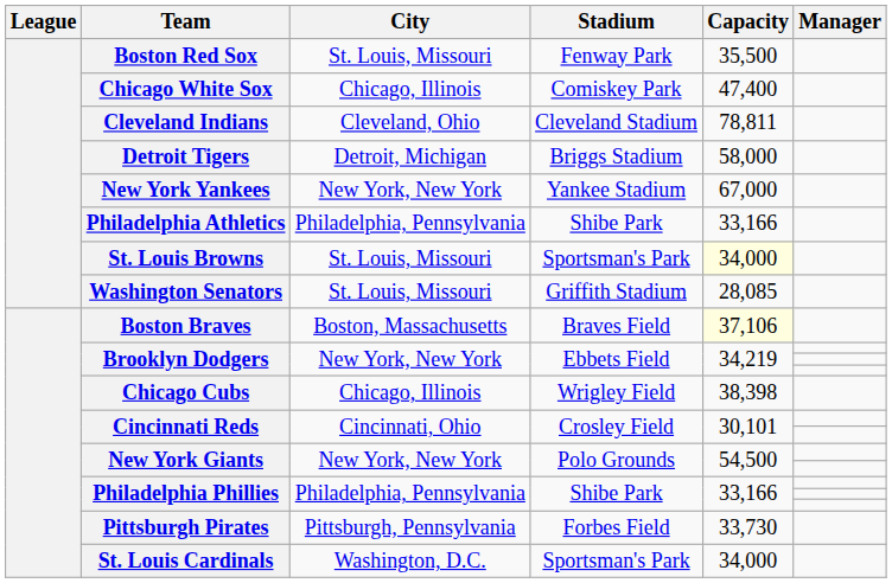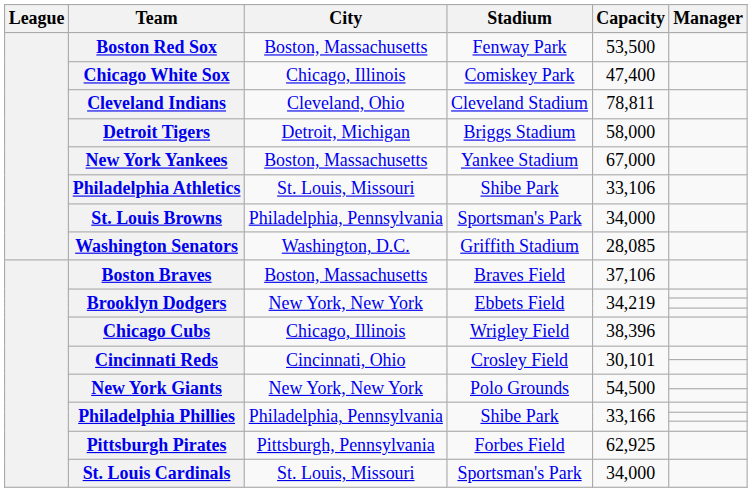 <table class="wikitable sortable plainrowheaders" style="text-align:center;">
 <tr>
 <th scope="col">League</th>
 <th scope="col">Team</th>
 <th scope="col">City</th>
 <th scope="col">Stadium</th>
 <th scope="col">Capacity</th>
 <th scope="col">Manager</th>
 </tr>
 <tr>
 <th rowspan="8"></th>
 <th scope="row"><a href='#'>Boston Red Sox</a></th>
-<td><a href='#'>St. Louis, Missouri</a></td>
+<td><a href='#'>Boston, Massachusetts</a></td>
 <td><a href='#'>Fenway Park</a></td>
-<td>35,500</td>
+<td>53,500</td>
 <td></td>
 </tr>
 <tr>
 <th scope="row"><a href='#'>Chicago White Sox</a></th>
 <td><a href='#'>Chicago, Illinois</a></td>
 <td><a href='#'>Comiskey Park</a></td>
 <td>47,400</td>
 <td></td>
 </tr>
 <tr>
 <th scope="row"><a href='#'>Cleveland Indians</a></th>
 <td><a href='#'>Cleveland, Ohio</a></td>
 <td><a href='#'>Cleveland Stadium</a></td>
 <td>78,811</td>
 <td></td>
 </tr>
 <tr>
 <th scope="row"><a href='#'>Detroit Tigers</a></th>
 <td><a href='#'>Detroit, Michigan</a></td>
 <td><a href='#'>Briggs Stadium</a></td>
 <td>58,000</td>
 <td></td>
 </tr>
 <tr>
 <th scope="row"><a href='#'>New York Yankees</a></th>
-<td><a href='#'>New York, New York</a></td>
+<td><a href='#'>Boston, Massachusetts</a></td>
 <td><a href='#'>Yankee Stadium</a></td>
 <td>67,000</td>
 <td></td>
 </tr>
 <tr>
 <th scope="row"><a href='#'>Philadelphia Athletics</a></th>
-<td><a href='#'>Philadelphia, Pennsylvania</a></td>
+<td><a href='#'>St. Louis, Missouri</a></td>
 <td><a href='#'>Shibe Park</a></td>
-<td>33,166</td>
+<td>33,106</td>
 <td></td>
 </tr>
 <tr>
 <th scope="row"><a href='#'>St. Louis Browns</a></th>
-<td><a href='#'>St. Louis, Missouri</a></td>
+<td><a href='#'>Philadelphia, Pennsylvania</a></td>
 <td><a href='#'>Sportsman's Park</a></td>
-<td style="background: lightyellow;">34,000</td>
+<td>34,000</td>
 <td></td>
 </tr>
 <tr>
 <th scope="row"><a href='#'>Washington Senators</a></th>
-<td><a href='#'>St. Louis, Missouri</a></td>
+<td><a href='#'>Washington, D.C.</a></td>
 <td><a href='#'>Griffith Stadium</a></td>
 <td>28,085</td>
 <td></td>
 </tr>
 <tr>
 <th rowspan="14"></th>
 <th scope="row"><a href='#'>Boston Braves</a></th>
 <td><a href='#'>Boston, Massachusetts</a></td>
 <td><a href='#'>Braves Field</a></td>
-<td style="background: lightyellow;">37,106</td>
+<td>37,106</td>
 <td></td>
 </tr>
 <tr>
 <th rowspan="3" scope="row"><a href='#'>Brooklyn Dodgers</a></th>
 <td rowspan="3"><a href='#'>New York, New York</a></td>
 <td rowspan="3"><a href='#'>Ebbets Field</a></td>
 <td rowspan="3">34,219</td>
 <td></td>
 </tr>
 <tr>
 <td></td>
 </tr>
 <tr>
 <td></td>
 </tr>
 <tr>
 <th scope="row"><a href='#'>Chicago Cubs</a></th>
 <td><a href='#'>Chicago, Illinois</a></td>
 <td><a href='#'>Wrigley Field</a></td>
-<td>38,398</td>
+<td>38,396</td>
 <td></td>
 </tr>
 <tr>
 <th rowspan="2" scope="row"><a href='#'>Cincinnati Reds</a></th>
 <td rowspan="2"><a href='#'>Cincinnati, Ohio</a></td>
 <td rowspan="2"><a href='#'>Crosley Field</a></td>
 <td rowspan="2">30,101</td>
 <td></td>
 </tr>
 <tr>
 <td></td>
 </tr>
 <tr>
 <th rowspan="2" scope="row"><a href='#'>New York Giants</a></th>
 <td rowspan="2"><a href='#'>New York, New York</a></td>
 <td rowspan="2"><a href='#'>Polo Grounds</a></td>
 <td rowspan="2">54,500</td>
 <td></td>
 </tr>
 <tr>
 <td></td>
 </tr>
 <tr>
 <th rowspan="3" scope="row"><a href='#'>Philadelphia Phillies</a></th>
 <td rowspan="3"><a href='#'>Philadelphia, Pennsylvania</a></td>
 <td rowspan="3"><a href='#'>Shibe Park</a></td>
 <td rowspan="3">33,166</td>
 <td></td>
 </tr>
 <tr>
 <td></td>
 </tr>
 <tr>
 <td></td>
 </tr>
 <tr>
 <th scope="row"><a href='#'>Pittsburgh Pirates</a></th>
 <td><a href='#'>Pittsburgh, Pennsylvania</a></td>
 <td><a href='#'>Forbes Field</a></td>
-<td>33,730</td>
+<td>62,925</td>
 <td></td>
 </tr>
 <tr>
 <th scope="row"><a href='#'>St. Louis Cardinals</a></th>
-<td><a href='#'>Washington, D.C.</a></td>
+<td><a href='#'>St. Louis, Missouri</a></td>
 <td><a href='#'>Sportsman's Park</a></td>
 <td>34,000</td>
 <td></td>
 </tr>
 </table>
